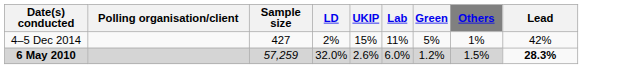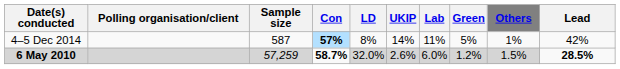 <table class="wikitable sortable" style="text-align:center;font-size:90%;line-height:14px">
 <tr>
 <th ! style="width:100px;">Date(s)<br>conducted</th>
 <th style="width:200px;">Polling organisation/client</th>
 <th class="unsortable" style="width:75px;">Sample size</th>
+<th class="unsortable" style="background:"><a href='#'><span>Con</span></a></th>
 <th class="unsortable" style="background:"><a href='#'><span>LD</span></a></th>
 <th class="unsortable" style="background:"><a href='#'><span>UKIP</span></a></th>
 <th class="unsortable" style="background:"><a href='#'><span>Lab</span></a></th>
 <th class="unsortable" style="background:"><a href='#'><span>Green</span></a></th>
 <th class="unsortable" style="background:gray; width:60px;"><a href='#'><span>Others</span></a></th>
 <th class="unsortable" style="width:90px;">Lead</th>
 </tr>
 <tr>
 <td>4–5 Dec 2014</td>
 <td></td>
-<td>427</td>
-<td>2%</td>
-<td>15%</td>
+<td>587</td>
+<td style="background:#B3E0FF"><strong>57%</strong></td>
+<td>8%</td>
+<td>14%</td>
 <td>11%</td>
 <td>5%</td>
 <td>1%</td>
 <td style="background:">42%</td>
 </tr>
 <tr>
 <td style="background:#D5D5D5"><strong>6 May 2010</strong></td>
 <td style="background:#D5D5D5"></td>
 <td style="background:#D5D5D5"><em>57,259</em></td>
+<td style="background:"><strong>58.7%</strong></td>
 <td style="background:#D5D5D5">32.0%</td>
 <td style="background:#D5D5D5">2.6%</td>
 <td style="background:#D5D5D5">6.0%</td>
 <td style="background:#D5D5D5">1.2%</td>
 <td style="background:#D5D5D5">1.5%</td>
-<td style="background:"><strong>28.3% </strong></td>
+<td style="background:"><strong>28.5% </strong></td>
 </tr>
 </table>
